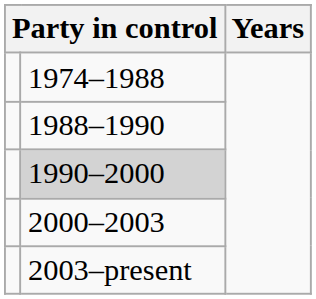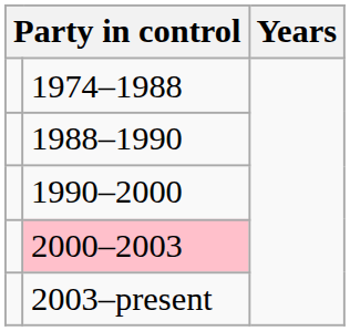 <table class="wikitable">
 <tr>
 <th colspan="2">Party in control</th>
 <th>Years</th>
 </tr>
 <tr>
 <td></td>
 <td>1974–1988</td>
 </tr>
 <tr>
 <td></td>
 <td>1988–1990</td>
 </tr>
 <tr>
 <td></td>
-<td style="background: lightgrey;">1990–2000</td>
+<td>1990–2000</td>
 </tr>
 <tr>
 <td></td>
-<td>2000–2003</td>
+<td style="background: pink;">2000–2003</td>
 </tr>
 <tr>
 <td></td>
 <td>2003–present</td>
 </tr>
 </table>
